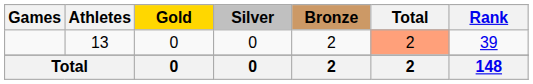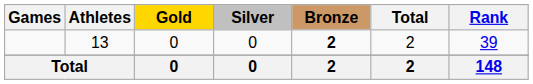 <table class="wikitable" style="text-align:center; font-size:90%;">
 <tr>
 <th>Games</th>
 <th>Athletes</th>
 <td style="background:gold; width:4.5em; font-weight:bold;">Gold</td>
 <td style="background:silver; width:4.5em; font-weight:bold;">Silver</td>
 <td style="background:#cc9966; width:4.5em; font-weight:bold;">Bronze</td>
 <th style="width:4.5em; font-weight:bold;">Total</th>
 <th style="width:4.5em; font-weight:bold;"><a href='#'>Rank</a></th>
 </tr>
 <tr>
 <td align=left></td>
 <td>13</td>
 <td>0</td>
 <td>0</td>
+<td><strong>2</strong></td>
 <td>2</td>
-<td style="background: lightsalmon;">2</td>
 <td><a href='#'>39</a></td>
 </tr>
 <tr>
 </tr>
 <tr>
 <th colspan=2>Total</th>
 <th>0</th>
 <th>0</th>
 <th>2</th>
 <th>2</th>
 <th><a href='#'>148</a></th>
 </tr>
 </table>
